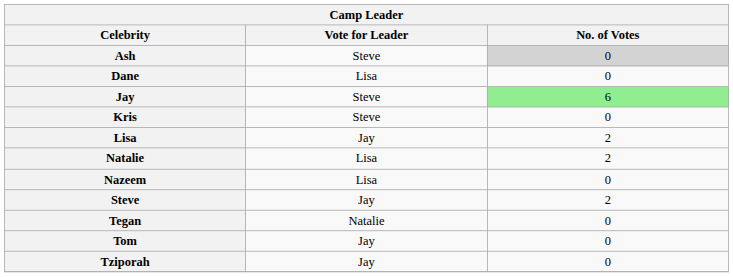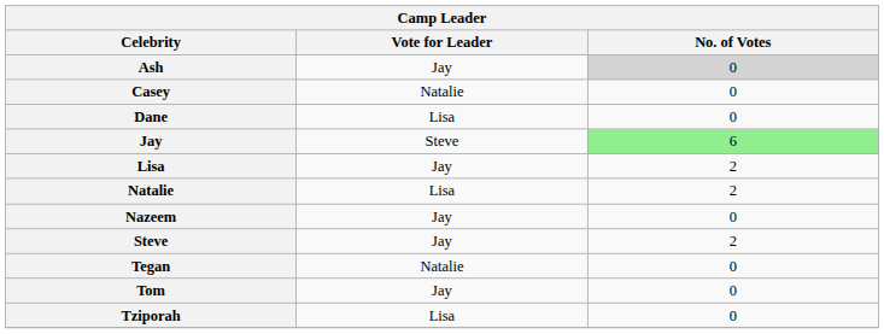 <table class="wikitable" style="text-align:center; font-size:95%; width:100%;">
 <tr>
 <th colspan="3">Camp Leader</th>
 </tr>
 <tr>
 <th style="width:8%">Celebrity</th>
 <th style="width:8%">Vote for Leader</th>
 <th style="width:8%">No. of Votes</th>
 </tr>
 <tr>
 <th>Ash</th>
-<td>Steve</td>
+<td>Jay</td>
 <td style="background: lightgrey;">0</td>
+</tr>
+<tr>
+<th>Casey</th>
+<td>Natalie</td>
+<td>0</td>
 </tr>
 <tr>
 <th>Dane</th>
 <td>Lisa</td>
 <td>0</td>
 </tr>
 <tr>
 <th>Jay</th>
 <td>Steve</td>
 <td style="background:lightgreen">6</td>
-</tr>
-<tr>
-<th>Kris</th>
-<td>Steve</td>
-<td>0</td>
 </tr>
 <tr>
 <th>Lisa</th>
 <td>Jay</td>
 <td>2</td>
 </tr>
 <tr>
 <th>Natalie</th>
 <td>Lisa</td>
 <td>2</td>
 </tr>
 <tr>
 <th>Nazeem</th>
-<td>Lisa</td>
+<td>Jay</td>
 <td>0</td>
 </tr>
 <tr>
 <th>Steve</th>
 <td>Jay</td>
 <td>2</td>
 </tr>
 <tr>
 <th>Tegan</th>
 <td>Natalie</td>
 <td>0</td>
 </tr>
 <tr>
 <th>Tom</th>
 <td>Jay</td>
 <td>0</td>
 </tr>
 <tr>
 <th>Tziporah</th>
-<td>Jay</td>
+<td>Lisa</td>
 <td>0</td>
 </tr>
 <tr>
 </tr>
 </table>
